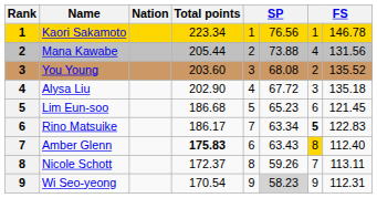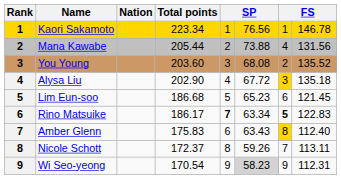 <table class="wikitable sortable">
 <tr>
 <th>Rank</th>
 <th>Name</th>
 <th>Nation</th>
 <th>Total points</th>
 <th colspan="2" width="80px"><a href='#'>SP</a></th>
 <th colspan="2" width="80px"><a href='#'>FS</a></th>
 </tr>
 <tr bgcolor="gold">
 <td align="center"><strong>1</strong></td>
 <td><a href='#'>Kaori Sakamoto</a></td>
 <td></td>
 <td align="center">223.34</td>
 <td align="center">1</td>
 <td align="center">76.56</td>
 <td align="center">1</td>
 <td align="center">146.78</td>
 </tr>
 <tr bgcolor="silver">
 <td align="center"><strong>2</strong></td>
 <td><a href='#'>Mana Kawabe</a></td>
 <td></td>
 <td align="center">205.44</td>
 <td align="center">2</td>
 <td align="center">73.88</td>
 <td align="center">4</td>
 <td align="center">131.56</td>
 </tr>
 <tr bgcolor="cc9966">
 <td align="center"><strong>3</strong></td>
 <td><a href='#'>You Young</a></td>
 <td></td>
 <td align="center">203.60</td>
 <td align="center">3</td>
 <td align="center">68.08</td>
 <td align="center">2</td>
 <td align="center">135.52</td>
 </tr>
 <tr>
 <th>4</th>
 <td><a href='#'>Alysa Liu</a></td>
 <td></td>
 <td align="center">202.90</td>
 <td align="center">4</td>
 <td align="center">67.72</td>
-<td align="center">3</td>
+<td align="center" style="background: gold;">3</td>
 <td align="center">135.18</td>
 </tr>
 <tr>
 <th>5</th>
 <td><a href='#'>Lim Eun-soo</a></td>
 <td></td>
 <td align="center">186.68</td>
 <td align="center">5</td>
 <td align="center">65.23</td>
 <td align="center">6</td>
 <td align="center">121.45</td>
 </tr>
 <tr>
 <th>6</th>
 <td><a href='#'>Rino Matsuike</a></td>
 <td></td>
 <td align="center">186.17</td>
-<td align="center">7</td>
+<td align="center"><strong>7</strong></td>
 <td align="center">63.34</td>
 <td align="center"><strong>5</strong></td>
 <td align="center">122.83</td>
 </tr>
 <tr>
 <th>7</th>
 <td><a href='#'>Amber Glenn</a></td>
 <td></td>
-<td align="center"><strong>175.83</strong></td>
+<td align="center">175.83</td>
 <td align="center">6</td>
 <td align="center">63.43</td>
 <td align="center" style="background: gold;">8</td>
 <td align="center">112.40</td>
 </tr>
 <tr>
 <th>8</th>
 <td><a href='#'>Nicole Schott</a></td>
 <td></td>
 <td align="center">172.37</td>
 <td align="center">8</td>
 <td align="center">59.26</td>
 <td align="center">7</td>
 <td align="center">113.11</td>
 </tr>
 <tr>
 <th>9</th>
 <td><a href='#'>Wi Seo-yeong</a></td>
 <td></td>
 <td align="center">170.54</td>
 <td align="center">9</td>
 <td align="center" style="background: lightgrey;">58.23</td>
 <td align="center">9</td>
 <td align="center">112.31</td>
 </tr>
 </table>
